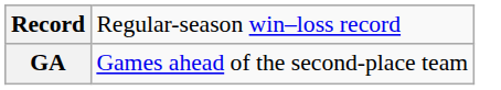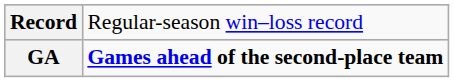 <table class="wikitable plainrowheaders" style="font-size:85%">
 <tr>
 <th scope="row" style="text-align:center"><strong>Record</strong></th>
 <td>Regular-season <a href='#'>win–loss record</a></td>
 </tr>
 <tr>
 <th scope="row" style="text-align:center"><strong>GA</strong></th>
-<td><a href='#'>Games ahead</a> of the second-place team</td>
+<td><strong><a href='#'>Games ahead</a> of the second-place team</strong></td>
 </tr>
 </table>
